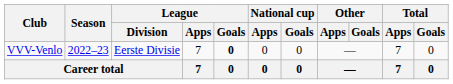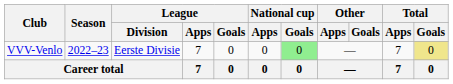 <table class="wikitable" style="text-align:center">
 <tr>
 <th rowspan="2">Club</th>
 <th rowspan="2">Season</th>
 <th colspan="3">League</th>
 <th colspan="2">National cup</th>
 <th colspan="2">Other</th>
 <th colspan="2">Total</th>
 </tr>
 <tr>
 <th>Division</th>
 <th>Apps</th>
 <th>Goals</th>
 <th>Apps</th>
 <th>Goals</th>
 <th>Apps</th>
 <th>Goals</th>
 <th>Apps</th>
 <th>Goals</th>
 </tr>
 <tr>
 <td><a href='#'>VVV-Venlo</a></td>
 <td><a href='#'>2022–23</a></td>
 <td><a href='#'>Eerste Divisie</a></td>
 <td>7</td>
-<td><strong>0</strong></td>
 <td>0</td>
 <td>0</td>
+<td style="background: lightgreen;">0</td>
 <td colspan="2">—</td>
 <td>7</td>
-<td>0</td>
+<td style="background: khaki;">0</td>
 </tr>
 <tr>
 <th colspan="3">Career total</th>
 <th>7</th>
 <th>0</th>
 <th>0</th>
 <th>0</th>
 <th colspan="2">—</th>
 <th>7</th>
 <th>0</th>
 </tr>
 </table>
